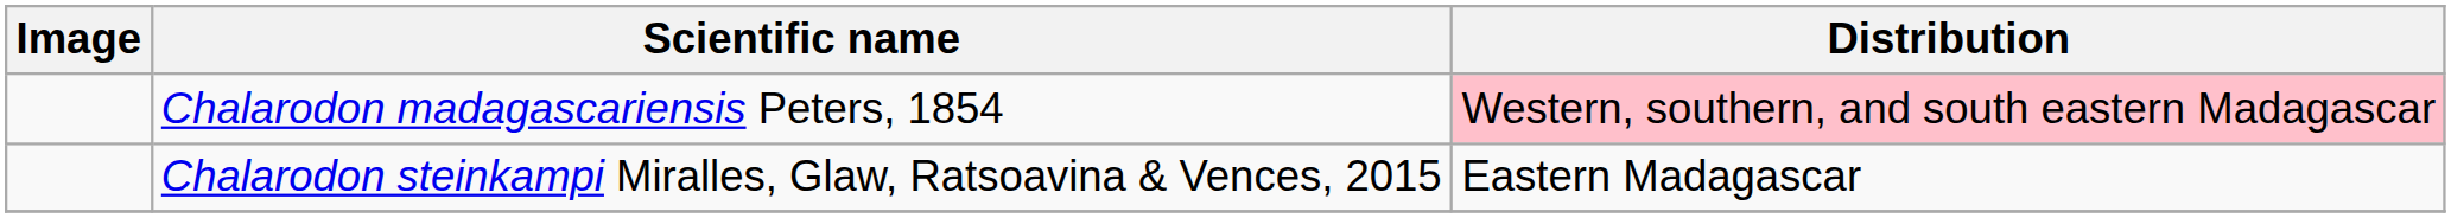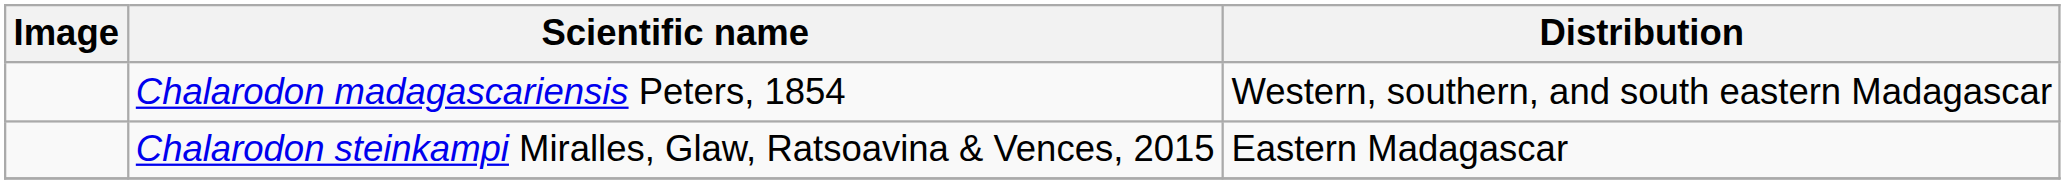 <table class="wikitable">
 <tr>
 <th>Image</th>
 <th>Scientific name</th>
 <th>Distribution</th>
 </tr>
 <tr>
 <td></td>
 <td><em><a href='#'>Chalarodon madagascariensis</a></em> Peters, 1854</td>
-<td style="background: pink;">Western, southern, and south eastern Madagascar</td>
+<td>Western, southern, and south eastern Madagascar</td>
 </tr>
 <tr>
 <td></td>
 <td><em><a href='#'>Chalarodon steinkampi</a></em> Miralles, Glaw, Ratsoavina & Vences, 2015</td>
 <td>Eastern Madagascar</td>
 </tr>
 <tr>
 </tr>
 </table>
